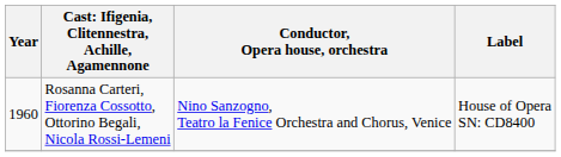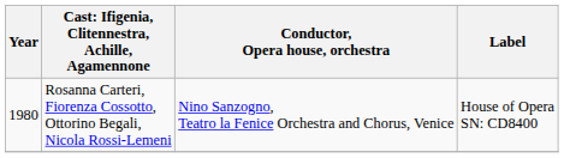 <table class="wikitable">
 <tr>
 <th>Year</th>
 <th>Cast: Ifigenia,<br> Clitennestra,<br> Achille,<br> Agamennone</th>
 <th>Conductor,<br>Opera house, orchestra</th>
 <th>Label</th>
 </tr>
 <tr>
-<td>1960</td>
+<td>1980</td>
 <td>Rosanna Carteri,<br><a href='#'>Fiorenza Cossotto</a>,<br>Ottorino Begali,<br><a href='#'>Nicola Rossi-Lemeni</a></td>
 <td><a href='#'>Nino Sanzogno</a>,<br> <a href='#'>Teatro la Fenice</a> Orchestra and Chorus, Venice</td>
 <td>House of Opera<br>SN: CD8400</td>
 </tr>
 <tr>
 </tr>
 </table>
